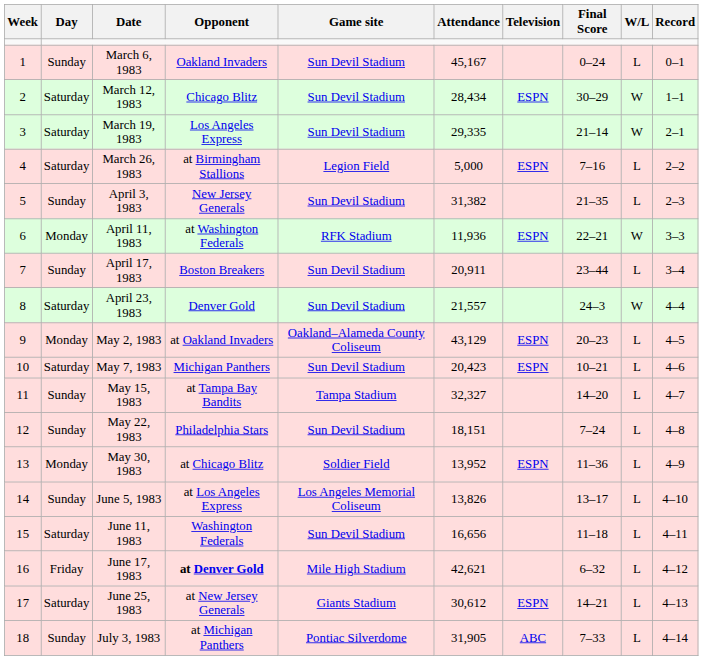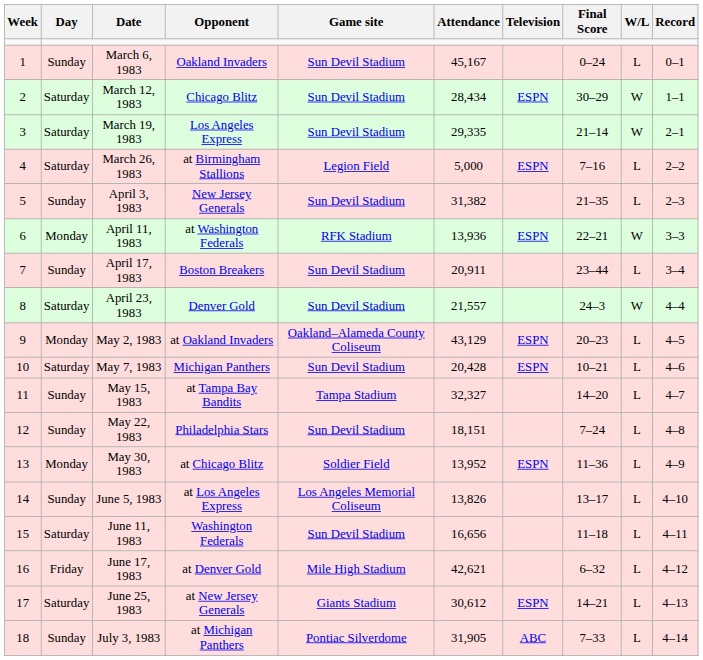 <table class="wikitable" style="text-align:center">
 <tr>
 <th>Week</th>
 <th>Day</th>
 <th>Date</th>
 <th>Opponent</th>
 <th>Game site</th>
 <th>Attendance</th>
 <th>Television</th>
 <th>Final Score</th>
 <th>W/L</th>
 <th>Record</th>
 </tr>
 <tr style="text-align:center;">
 <td></td>
 </tr>
 <tr style='background: #fdd;'>
 <td>1</td>
 <td>Sunday</td>
 <td>March 6, 1983</td>
 <td><a href='#'>Oakland Invaders</a></td>
 <td><a href='#'>Sun Devil Stadium</a></td>
 <td>45,167</td>
 <td></td>
 <td>0–24</td>
 <td>L</td>
 <td>0–1</td>
 </tr>
 <tr style='background: #dfd;'>
 <td>2</td>
 <td>Saturday</td>
 <td>March 12, 1983</td>
 <td><a href='#'>Chicago Blitz</a></td>
 <td><a href='#'>Sun Devil Stadium</a></td>
 <td>28,434</td>
 <td><a href='#'>ESPN</a></td>
 <td>30–29</td>
 <td>W</td>
 <td>1–1</td>
 </tr>
 <tr style='background: #dfd;'>
 <td>3</td>
 <td>Saturday</td>
 <td>March 19, 1983</td>
 <td><a href='#'>Los Angeles Express</a></td>
 <td><a href='#'>Sun Devil Stadium</a></td>
 <td>29,335</td>
 <td></td>
 <td>21–14</td>
 <td>W</td>
 <td>2–1</td>
 </tr>
 <tr style='background: #fdd;'>
 <td>4</td>
 <td>Saturday</td>
 <td>March 26, 1983</td>
 <td>at <a href='#'>Birmingham Stallions</a></td>
 <td><a href='#'>Legion Field</a></td>
 <td>5,000</td>
 <td><a href='#'>ESPN</a></td>
 <td>7–16</td>
 <td>L</td>
 <td>2–2</td>
 </tr>
 <tr style='background: #fdd;'>
 <td>5</td>
 <td>Sunday</td>
 <td>April 3, 1983</td>
 <td><a href='#'>New Jersey Generals</a></td>
 <td><a href='#'>Sun Devil Stadium</a></td>
 <td>31,382</td>
 <td></td>
 <td>21–35</td>
 <td>L</td>
 <td>2–3</td>
 </tr>
 <tr style='background: #dfd;'>
 <td>6</td>
 <td>Monday</td>
 <td>April 11, 1983</td>
 <td>at <a href='#'>Washington Federals</a></td>
 <td><a href='#'>RFK Stadium</a></td>
-<td>11,936</td>
+<td>13,936</td>
 <td><a href='#'>ESPN</a></td>
 <td>22–21</td>
 <td>W</td>
 <td>3–3</td>
 </tr>
 <tr style='background: #fdd;'>
 <td>7</td>
 <td>Sunday</td>
 <td>April 17, 1983</td>
 <td><a href='#'>Boston Breakers</a></td>
 <td><a href='#'>Sun Devil Stadium</a></td>
 <td>20,911</td>
 <td></td>
 <td>23–44</td>
 <td>L</td>
 <td>3–4</td>
 </tr>
 <tr style='background: #dfd;'>
 <td>8</td>
 <td>Saturday</td>
 <td>April 23, 1983</td>
 <td><a href='#'>Denver Gold</a></td>
 <td><a href='#'>Sun Devil Stadium</a></td>
 <td>21,557</td>
 <td></td>
 <td>24–3</td>
 <td>W</td>
 <td>4–4</td>
 </tr>
 <tr style='background: #fdd;'>
 <td>9</td>
 <td>Monday</td>
 <td>May 2, 1983</td>
 <td>at <a href='#'>Oakland Invaders</a></td>
 <td><a href='#'>Oakland–Alameda County Coliseum</a></td>
 <td>43,129</td>
 <td><a href='#'>ESPN</a></td>
 <td>20–23</td>
 <td>L</td>
 <td>4–5</td>
 </tr>
 <tr style='background: #fdd;'>
 <td>10</td>
 <td>Saturday</td>
 <td>May 7, 1983</td>
 <td><a href='#'>Michigan Panthers</a></td>
 <td><a href='#'>Sun Devil Stadium</a></td>
-<td>20,423</td>
+<td>20,428</td>
 <td><a href='#'>ESPN</a></td>
 <td>10–21</td>
 <td>L</td>
 <td>4–6</td>
 </tr>
 <tr style='background: #fdd;'>
 <td>11</td>
 <td>Sunday</td>
 <td>May 15, 1983</td>
 <td>at <a href='#'>Tampa Bay Bandits</a></td>
 <td><a href='#'>Tampa Stadium</a></td>
 <td>32,327</td>
 <td></td>
 <td>14–20</td>
 <td>L</td>
 <td>4–7</td>
 </tr>
 <tr style='background: #fdd;'>
 <td>12</td>
 <td>Sunday</td>
 <td>May 22, 1983</td>
 <td><a href='#'>Philadelphia Stars</a></td>
 <td><a href='#'>Sun Devil Stadium</a></td>
 <td>18,151</td>
 <td></td>
 <td>7–24</td>
 <td>L</td>
 <td>4–8</td>
 </tr>
 <tr style='background: #fdd;'>
 <td>13</td>
 <td>Monday</td>
 <td>May 30, 1983</td>
 <td>at <a href='#'>Chicago Blitz</a></td>
 <td><a href='#'>Soldier Field</a></td>
 <td>13,952</td>
 <td><a href='#'>ESPN</a></td>
 <td>11–36</td>
 <td>L</td>
 <td>4–9</td>
 </tr>
 <tr style='background: #fdd;'>
 <td>14</td>
 <td>Sunday</td>
 <td>June 5, 1983</td>
 <td>at <a href='#'>Los Angeles Express</a></td>
 <td><a href='#'>Los Angeles Memorial Coliseum</a></td>
 <td>13,826</td>
 <td></td>
 <td>13–17</td>
 <td>L</td>
 <td>4–10</td>
 </tr>
 <tr style='background: #fdd;'>
 <td>15</td>
 <td>Saturday</td>
 <td>June 11, 1983</td>
 <td><a href='#'>Washington Federals</a></td>
 <td><a href='#'>Sun Devil Stadium</a></td>
 <td>16,656</td>
 <td></td>
 <td>11–18</td>
 <td>L</td>
 <td>4–11</td>
 </tr>
 <tr style='background: #fdd;'>
 <td>16</td>
 <td>Friday</td>
 <td>June 17, 1983</td>
-<td><strong>at <a href='#'>Denver Gold</a></strong></td>
+<td>at <a href='#'>Denver Gold</a></td>
 <td><a href='#'>Mile High Stadium</a></td>
 <td>42,621</td>
 <td></td>
 <td>6–32</td>
 <td>L</td>
 <td>4–12</td>
 </tr>
 <tr style='background: #fdd;'>
 <td>17</td>
 <td>Saturday</td>
 <td>June 25, 1983</td>
 <td>at <a href='#'>New Jersey Generals</a></td>
 <td><a href='#'>Giants Stadium</a></td>
 <td>30,612</td>
 <td><a href='#'>ESPN</a></td>
 <td>14–21</td>
 <td>L</td>
 <td>4–13</td>
 </tr>
 <tr style='background: #fdd;'>
 <td>18</td>
 <td>Sunday</td>
 <td>July 3, 1983</td>
 <td>at <a href='#'>Michigan Panthers</a></td>
 <td><a href='#'>Pontiac Silverdome</a></td>
 <td>31,905</td>
 <td><a href='#'>ABC</a></td>
 <td>7–33</td>
 <td>L</td>
 <td>4–14</td>
 </tr>
 </table>
